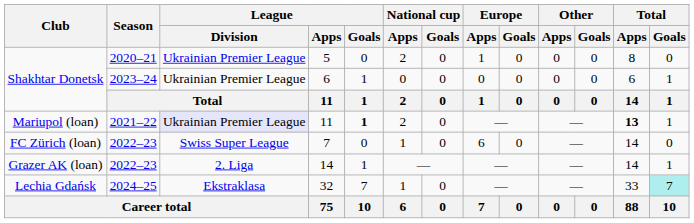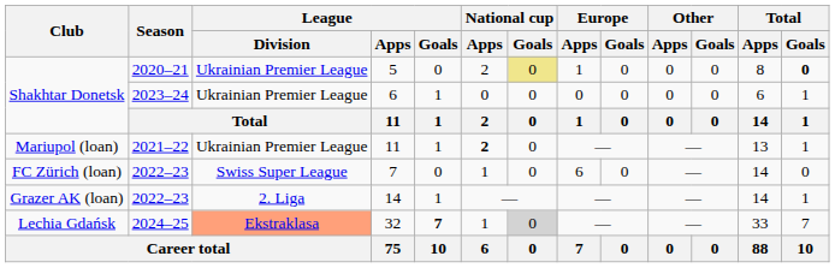 <table class="wikitable" style="text-align:center">
 <tr>
 <th rowspan="2">Club</th>
 <th rowspan="2">Season</th>
 <th colspan="3">League</th>
 <th colspan="2">National cup</th>
 <th colspan="2">Europe</th>
 <th colspan="2">Other</th>
 <th colspan="2">Total</th>
 </tr>
 <tr>
 <th>Division</th>
 <th>Apps</th>
 <th>Goals</th>
 <th>Apps</th>
 <th>Goals</th>
 <th>Apps</th>
 <th>Goals</th>
 <th>Apps</th>
 <th>Goals</th>
 <th>Apps</th>
 <th>Goals</th>
 </tr>
 <tr>
 <td rowspan="3"><a href='#'>Shakhtar Donetsk</a></td>
 <td><a href='#'>2020–21</a></td>
 <td><a href='#'>Ukrainian Premier League</a></td>
 <td>5</td>
 <td>0</td>
 <td>2</td>
-<td>0</td>
+<td style="background: khaki;">0</td>
 <td>1</td>
 <td>0</td>
 <td>0</td>
 <td>0</td>
 <td>8</td>
-<td>0</td>
+<td><strong>0</strong></td>
 </tr>
 <tr>
 <td><a href='#'>2023–24</a></td>
 <td>Ukrainian Premier League</td>
 <td>6</td>
 <td>1</td>
 <td>0</td>
 <td>0</td>
 <td>0</td>
 <td>0</td>
 <td>0</td>
 <td>0</td>
 <td>6</td>
 <td>1</td>
 </tr>
 <tr>
 <th colspan="2">Total</th>
 <th>11</th>
 <th>1</th>
 <th>2</th>
 <th>0</th>
 <th>1</th>
 <th>0</th>
 <th>0</th>
 <th>0</th>
 <th>14</th>
 <th>1</th>
 </tr>
 <tr>
 <td><a href='#'>Mariupol</a> (loan)</td>
 <td><a href='#'>2021–22</a></td>
-<td style="background: lavender;">Ukrainian Premier League</td>
+<td>Ukrainian Premier League</td>
 <td>11</td>
-<td><strong>1</strong></td>
-<td>2</td>
+<td>1</td>
+<td><strong>2</strong></td>
 <td>0</td>
 <td colspan="2">—</td>
 <td colspan="2">—</td>
-<td><strong>13</strong></td>
+<td>13</td>
 <td>1</td>
 </tr>
 <tr>
 <td><a href='#'>FC Zürich</a> (loan)</td>
 <td><a href='#'>2022–23</a></td>
 <td><a href='#'>Swiss Super League</a></td>
 <td>7</td>
 <td>0</td>
 <td>1</td>
 <td>0</td>
 <td>6</td>
 <td>0</td>
 <td colspan="2">—</td>
 <td>14</td>
 <td>0</td>
 </tr>
 <tr>
 <td><a href='#'>Grazer AK</a> (loan)</td>
 <td><a href='#'>2022–23</a></td>
 <td><a href='#'>2. Liga</a></td>
 <td>14</td>
 <td>1</td>
 <td colspan="2">—</td>
 <td colspan="2">—</td>
 <td colspan="2">—</td>
 <td>14</td>
 <td>1</td>
 </tr>
 <tr>
 <td><a href='#'>Lechia Gdańsk</a></td>
 <td><a href='#'>2024–25</a></td>
-<td><a href='#'>Ekstraklasa</a></td>
+<td style="background: lightsalmon;"><a href='#'>Ekstraklasa</a></td>
 <td>32</td>
-<td>7</td>
+<td><strong>7</strong></td>
 <td>1</td>
-<td>0</td>
+<td style="background: lightgrey;">0</td>
 <td colspan="2">—</td>
 <td colspan="2">—</td>
 <td>33</td>
-<td style="background: paleturquoise;">7</td>
+<td>7</td>
 </tr>
 <tr>
 <th colspan="3">Career total</th>
 <th>75</th>
 <th>10</th>
 <th>6</th>
 <th>0</th>
 <th>7</th>
 <th>0</th>
 <th>0</th>
 <th>0</th>
 <th>88</th>
 <th>10</th>
 </tr>
 </table>
